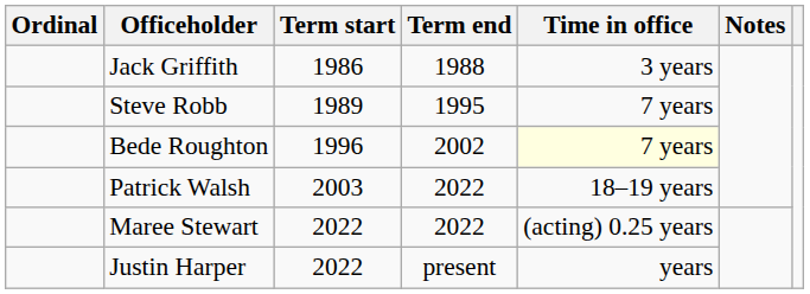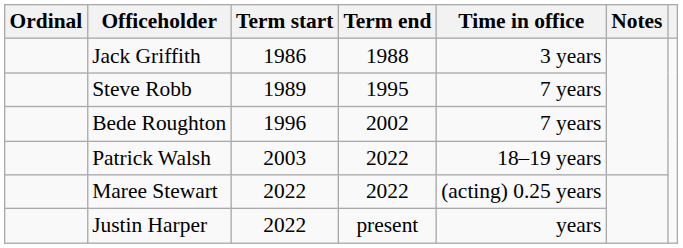 <table class="wikitable sortable">
 <tr>
 <th>Ordinal</th>
 <th>Officeholder</th>
 <th>Term start</th>
 <th>Term end</th>
 <th>Time in office</th>
 <th>Notes</th>
 <th></th>
 </tr>
 <tr>
 <td align=center></td>
 <td>Jack Griffith</td>
 <td align=center>1986</td>
 <td align=center>1988</td>
 <td align=right>3 years</td>
 <td rowspan=4></td>
 </tr>
 <tr>
 <td align=center></td>
 <td>Steve Robb</td>
 <td align=center>1989</td>
 <td align=center>1995</td>
 <td align=right>7 years</td>
 </tr>
 <tr>
 <td align=center></td>
 <td>Bede Roughton</td>
 <td align=center>1996</td>
 <td align=center>2002</td>
-<td align=right style="background: lightyellow;">7 years</td>
+<td align=right>7 years</td>
 </tr>
 <tr>
 <td align=center></td>
 <td>Patrick Walsh</td>
 <td align=center>2003</td>
 <td align=center>2022</td>
 <td align=right>18–19 years</td>
 </tr>
 <tr>
 <td align=center></td>
 <td>Maree Stewart</td>
 <td align=center>2022</td>
 <td align=center>2022</td>
 <td align=right>(acting) 0.25 years</td>
 <td rowspan=2></td>
 </tr>
 <tr>
 <td align=center></td>
 <td>Justin Harper</td>
 <td align=center>2022</td>
 <td align=center>present</td>
 <td align=right> years</td>
 </tr>
 </table>
